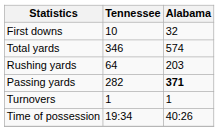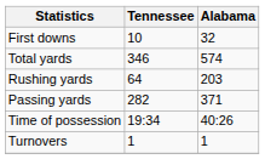 <table class="wikitable" style="float: left;">
 <tr>
 <th>Statistics</th>
 <th>Tennessee</th>
 <th>Alabama</th>
 </tr>
 <tr>
 <td>First downs</td>
 <td>10</td>
 <td>32</td>
 </tr>
 <tr>
 <td>Total yards</td>
 <td>346</td>
 <td>574</td>
 </tr>
 <tr>
 <td>Rushing yards</td>
 <td>64</td>
 <td>203</td>
 </tr>
 <tr>
 <td>Passing yards</td>
 <td>282</td>
-<td><strong>371</strong></td>
+<td>371</td>
+</tr>
+<tr>
+<td>Time of possession</td>
+<td>19:34</td>
+<td>40:26</td>
 </tr>
 <tr>
 <td>Turnovers</td>
 <td>1</td>
 <td>1</td>
 </tr>
 <tr>
-<td>Time of possession</td>
-<td>19:34</td>
-<td>40:26</td>
-</tr>
-<tr>
 </tr>
 </table>
